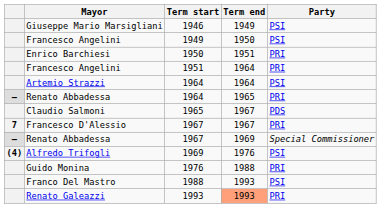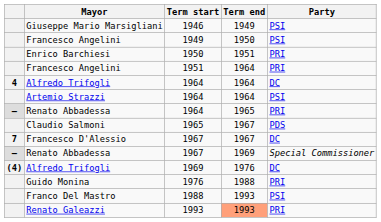 <table class="wikitable">
 <tr>
 <th class=unsortable> </th>
 <th>Mayor</th>
 <th>Term start</th>
 <th>Term end</th>
 <th>Party</th>
 </tr>
 <tr>
 <th style="background:"></th>
 <td>Giuseppe Mario Marsigliani</td>
 <td align=center>1946</td>
 <td align=center>1949</td>
 <td><a href='#'>PSI</a></td>
 </tr>
 <tr>
 <th style="background:"></th>
 <td>Francesco Angelini</td>
 <td align=center>1949</td>
 <td align=center>1950</td>
 <td><a href='#'>PSI</a></td>
 </tr>
 <tr>
 <th style="background:"></th>
 <td>Enrico Barchiesi</td>
 <td align=center>1950</td>
 <td align=center>1951</td>
 <td><a href='#'>PRI</a></td>
 </tr>
 <tr>
 <th style="background:"></th>
 <td>Francesco Angelini</td>
 <td align=center>1951</td>
 <td align=center>1964</td>
 <td><a href='#'>PRI</a></td>
 </tr>
 <tr>
+<th style="background:">4</th>
+<td><a href='#'>Alfredo Trifogli</a></td>
+<td align=center>1964</td>
+<td align=center>1964</td>
+<td><a href='#'>DC</a></td>
+</tr>
+<tr>
 <th style="background:"></th>
 <td><a href='#'>Artemio Strazzi</a></td>
 <td align=center>1964</td>
 <td align=center>1964</td>
 <td><a href='#'>PSI</a></td>
 </tr>
 <tr>
 <th style="background:#DDDDDD;">–</th>
 <td>Renato Abbadessa</td>
 <td align=center>1964</td>
 <td align=center>1965</td>
 <td><a href='#'>PRI</a></td>
 </tr>
 <tr>
 <th style="background:"></th>
 <td>Claudio Salmoni</td>
 <td align=center>1965</td>
 <td align=center>1967</td>
 <td><a href='#'>PDS</a></td>
 </tr>
 <tr>
 <th style="background:">7</th>
 <td>Francesco D'Alessio</td>
 <td align=center>1967</td>
 <td align=center>1967</td>
-<td><a href='#'>PRI</a></td>
+<td><a href='#'>DC</a></td>
 </tr>
 <tr>
 <th style="background:#DDDDDD;">–</th>
 <td>Renato Abbadessa</td>
 <td align=center>1967</td>
 <td align=center>1969</td>
 <td><em>Special Commissioner</em></td>
 </tr>
 <tr>
 <th style="background:">(4)</th>
 <td><a href='#'>Alfredo Trifogli</a></td>
 <td align=center>1969</td>
 <td align=center>1976</td>
-<td><a href='#'>PSI</a></td>
+<td><a href='#'>DC</a></td>
 </tr>
 <tr>
 <th style="background:"></th>
 <td>Guido Monina</td>
 <td align=center>1976</td>
 <td align=center>1988</td>
 <td><a href='#'>PRI</a></td>
 </tr>
 <tr>
 <th style="background:"></th>
 <td>Franco Del Mastro</td>
 <td align=center>1988</td>
 <td align=center>1993</td>
 <td><a href='#'>PSI</a></td>
 </tr>
 <tr>
 <th style="background:"></th>
 <td><a href='#'>Renato Galeazzi</a></td>
 <td align=center>1993</td>
 <td align=center style="background: lightsalmon;">1993</td>
 <td><a href='#'>PRI</a></td>
 </tr>
 </table>
